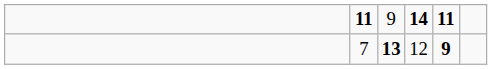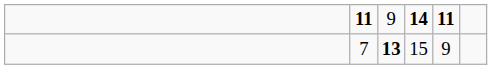 <table class="wikitable">
 <tr>
 <td style="width:18em"><strong></strong></td>
 <td align=center style="width:1em"><strong>11</strong></td>
 <td align=center style="width:1em">9</td>
 <td align=center style="width:1em"><strong>14</strong></td>
 <td align=center style="width:1em"><strong>11</strong></td>
 <td align=center style="width:1em"></td>
 </tr>
 <tr>
 <td style="width:18em"></td>
 <td align=center style="width:1em">7</td>
 <td align=center style="width:1em"><strong>13</strong></td>
-<td align=center style="width:1em">12</td>
-<td align=center style="width:1em"><strong>9</strong></td>
+<td align=center style="width:1em">15</td>
+<td align=center style="width:1em">9</td>
 <td align=center style="width:1em"></td>
 </tr>
 </table>
